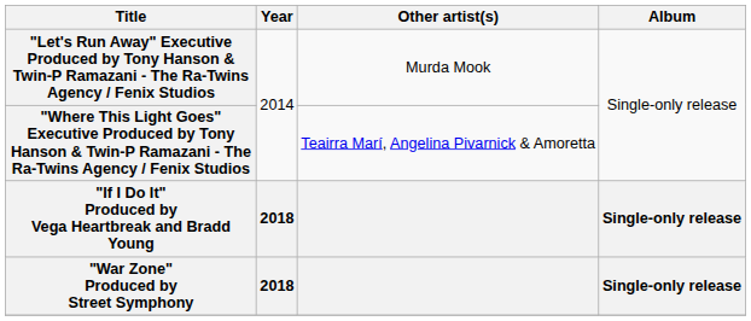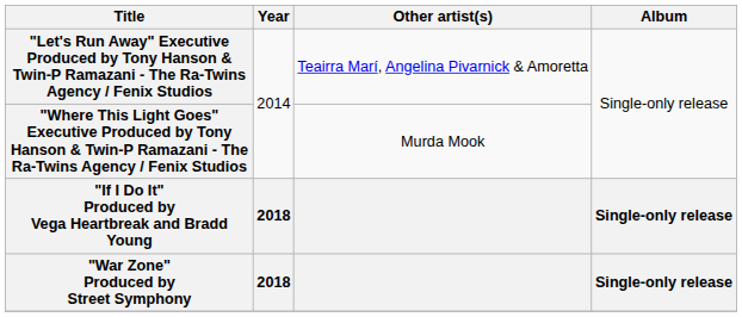 <table class="wikitable plainrowheaders" style="text-align:center;">
 <tr>
 <th scope="col" style="width:16em;">Title</th>
 <th scope="col">Year</th>
 <th scope="col">Other artist(s)</th>
 <th scope="col">Album</th>
 </tr>
 <tr>
 <th scope="row">"Let's Run Away"  Executive Produced by Tony Hanson & Twin-P Ramazani - The Ra-Twins Agency / Fenix Studios</th>
 <td rowspan="2">2014</td>
-<td>Murda Mook</td>
+<td><a href='#'>Teairra Marí</a>, <a href='#'>Angelina Pivarnick</a> & Amoretta</td>
 <td rowspan="2">Single-only release</td>
 </tr>
 <tr>
 <th scope="row">"Where This Light Goes" Executive Produced by Tony Hanson & Twin-P Ramazani - The Ra-Twins Agency / Fenix Studios</th>
-<td><a href='#'>Teairra Marí</a>, <a href='#'>Angelina Pivarnick</a> & Amoretta</td>
+<td>Murda Mook</td>
 </tr>
 <tr>
 <th>"If I Do It"<br>Produced by<br>Vega Heartbreak and Bradd Young</th>
 <th>2018</th>
 <th></th>
 <th>Single-only release</th>
 </tr>
 <tr>
 <th>"War Zone"<br>Produced by<br>Street Symphony</th>
 <th>2018</th>
 <th></th>
 <th>Single-only release</th>
 </tr>
 <tr>
 </tr>
 </table>
